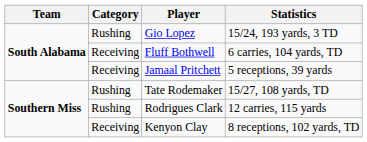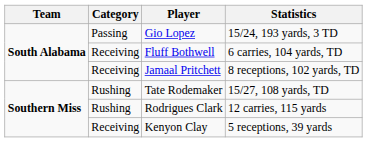 <table class="wikitable" style="float: right;">
 <tr>
 <th>Team</th>
 <th>Category</th>
 <th>Player</th>
 <th>Statistics</th>
 </tr>
 <tr>
 <td rowspan=3><strong>South Alabama</strong></td>
-<td>Rushing</td>
+<td>Passing</td>
 <td><a href='#'>Gio Lopez</a></td>
 <td>15/24, 193 yards, 3 TD</td>
 </tr>
 <tr>
 <td>Receiving</td>
 <td><a href='#'>Fluff Bothwell</a></td>
 <td>6 carries, 104 yards, TD</td>
 </tr>
 <tr>
 <td>Receiving</td>
 <td><a href='#'>Jamaal Pritchett</a></td>
-<td>5 receptions, 39 yards</td>
+<td>8 receptions, 102 yards, TD</td>
 </tr>
 <tr>
 <td rowspan=3><strong>Southern Miss</strong></td>
 <td>Rushing</td>
 <td>Tate Rodemaker</td>
 <td>15/27, 108 yards, TD</td>
 </tr>
 <tr>
 <td>Rushing</td>
 <td>Rodrigues Clark</td>
 <td>12 carries, 115 yards</td>
 </tr>
 <tr>
 <td>Receiving</td>
 <td>Kenyon Clay</td>
-<td>8 receptions, 102 yards, TD</td>
+<td>5 receptions, 39 yards</td>
 </tr>
 </table>
